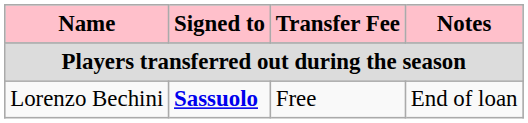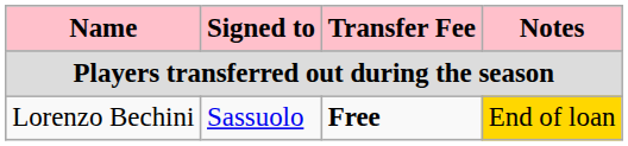 <table class="wikitable" style="text-align:left; font-size:90%;">
 <tr>
 <th style="background:pink; color:black; text-align:center;">Name</th>
 <th style="background:pink; color:black; text-align:center;">Signed to</th>
 <th style="background:pink; color:black; text-align:center;">Transfer Fee</th>
 <th style="background:pink; color:black; text-align:center;">Notes</th>
 </tr>
 <tr>
 <th colspan=11 style="background:#DCDCDC; text-align:center;">Players transferred out during the season</th>
 </tr>
 <tr>
 <td>Lorenzo Bechini</td>
-<td><strong> <a href='#'>Sassuolo</a></strong></td>
-<td>Free</td>
-<td>End of loan</td>
+<td> <a href='#'>Sassuolo</a></td>
+<td><strong>Free</strong></td>
+<td style="background: gold;">End of loan</td>
 </tr>
 </table>
